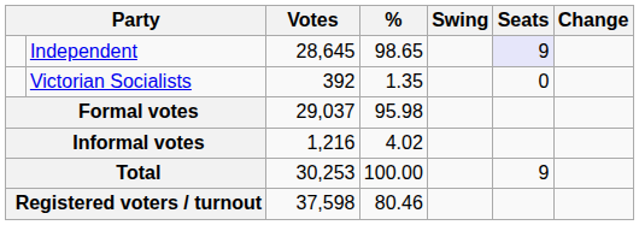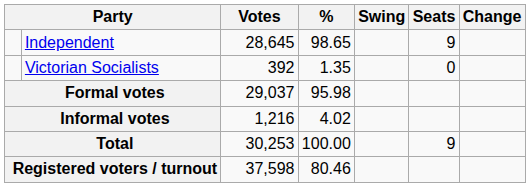 <table class="wikitable" style="text-align:right; margin-bottom:0">
 <tr>
 <th style="width:10px" colspan=3>Party</th>
 <th style="width:70px;">Votes</th>
 <th style="width:40px;">%</th>
 <th style="width:40px;">Swing</th>
 <th style="width:40px;">Seats</th>
 <th style="width:40px;">Change</th>
 </tr>
 <tr>
 <td> </td>
 <td style="text-align:left;" colspan="2"><a href='#'>Independent</a></td>
 <td>28,645</td>
 <td>98.65</td>
 <td></td>
-<td style="background: lavender;">9</td>
+<td>9</td>
 <td></td>
 </tr>
 <tr>
 <td> </td>
 <td style="text-align:left;" colspan="2"><a href='#'>Victorian Socialists</a></td>
 <td>392</td>
 <td>1.35</td>
 <td></td>
 <td>0</td>
 <td></td>
 </tr>
 <tr>
 <th colspan="3" rowspan="1"> Formal votes</th>
 <td>29,037</td>
 <td>95.98</td>
 <td></td>
 <td></td>
 <td></td>
 </tr>
 <tr>
 <th colspan="3" rowspan="1"> Informal votes</th>
 <td>1,216</td>
 <td>4.02</td>
 <td></td>
 <td></td>
 <td></td>
 </tr>
 <tr>
 <th colspan="3" rowspan="1"> Total</th>
 <td>30,253</td>
 <td>100.00</td>
 <td></td>
 <td>9</td>
 <td></td>
 </tr>
 <tr>
 <th colspan="3" rowspan="1"> Registered voters / turnout</th>
 <td>37,598</td>
 <td>80.46</td>
 <td></td>
 <td></td>
 <td></td>
 </tr>
 </table>
